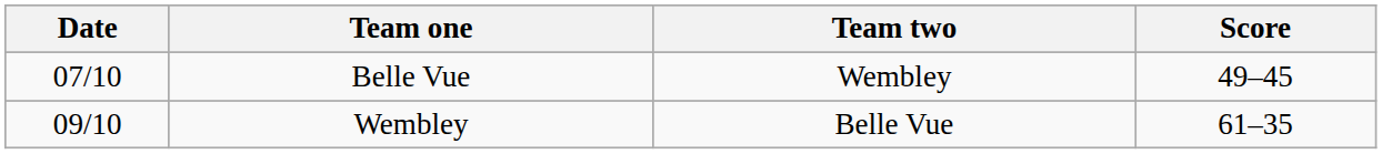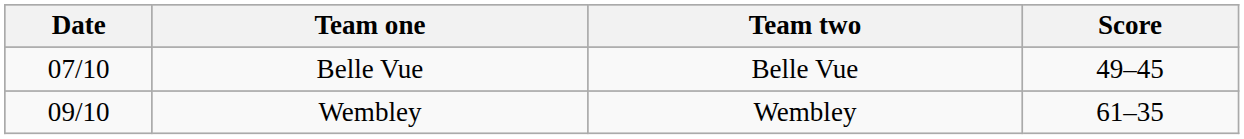 <table class="wikitable" style="text-align: center">
 <tr>
 <th width=80>Date</th>
 <th width=250>Team one</th>
 <th width=250>Team two</th>
 <th width=120>Score</th>
 </tr>
 <tr>
 <td>07/10</td>
 <td>Belle Vue</td>
-<td>Wembley</td>
+<td>Belle Vue</td>
 <td>49–45</td>
 </tr>
 <tr>
 <td>09/10</td>
 <td>Wembley</td>
-<td>Belle Vue</td>
+<td>Wembley</td>
 <td>61–35</td>
 </tr>
 </table>
